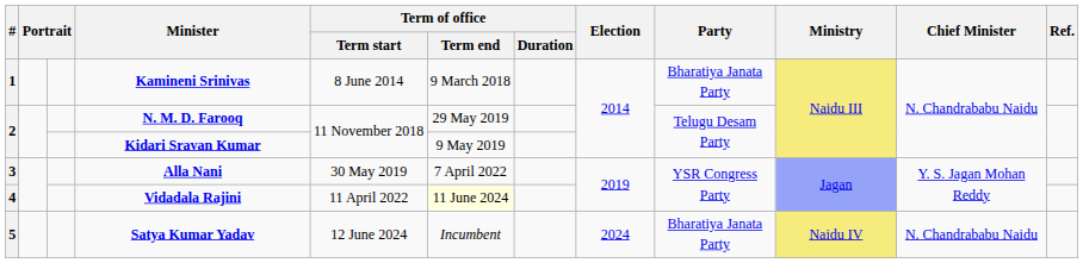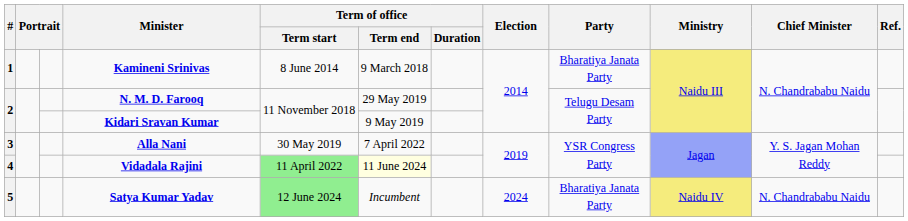 <table class="wikitable" style="line-height:1.4em; text-align:center">
 <tr>
 <th rowspan=2>#</th>
 <th rowspan=2 colspan="2">Portrait</th>
 <th rowspan=2 style="width:16em">Minister<br></th>
 <th colspan="3">Term of office</th>
 <th rowspan=2 style="width:5em">Election<br></th>
 <th rowspan=2 style="width:8em">Party</th>
 <th rowspan=2 style="width:8em">Ministry</th>
 <th rowspan=2 style="width:10em">Chief Minister</th>
 <th rowspan=2>Ref.</th>
 </tr>
 <tr>
 <th>Term start</th>
 <th>Term end</th>
 <th>Duration</th>
 </tr>
 <tr>
 <th>1</th>
 <td></td>
 <td></td>
 <td><strong><a href='#'>Kamineni Srinivas</a></strong><br></td>
 <td>8 June 2014</td>
 <td>9 March 2018</td>
 <td><strong></strong></td>
 <td rowspan=3><a href='#'>2014</a><br></td>
 <td><a href='#'>Bharatiya Janata Party</a></td>
 <td rowspan=3 bgcolor="#F5EC7D"><a href='#'>Naidu III</a></td>
 <td rowspan=3><a href='#'>N. Chandrababu Naidu</a></td>
 <td></td>
 </tr>
 <tr>
 <th rowspan=2>2</th>
 <td rowspan=2></td>
 <td></td>
 <td><strong><a href='#'>N. M. D. Farooq</a></strong><br></td>
 <td rowspan =2>11 November 2018</td>
 <td>29 May 2019</td>
 <td><strong></strong></td>
 <td rowspan=2><a href='#'>Telugu Desam Party</a></td>
 <td rowspan=2></td>
 </tr>
 <tr>
 <td></td>
 <td><strong><a href='#'>Kidari Sravan Kumar</a></strong><br></td>
 <td>9 May 2019</td>
 <td><strong></strong></td>
 </tr>
 <tr>
 <th>3</th>
 <td rowspan=2></td>
 <td></td>
 <td><strong><a href='#'>Alla Nani</a></strong><br></td>
 <td>30 May 2019</td>
 <td>7 April 2022</td>
 <td><strong></strong></td>
 <td rowspan=2><a href='#'>2019</a><br></td>
 <td rowspan="2"><a href='#'>YSR Congress Party</a></td>
 <td rowspan=2 bgcolor="#94A2F7"><a href='#'>Jagan</a></td>
 <td rowspan="2"><a href='#'>Y. S. Jagan Mohan Reddy</a></td>
 <td></td>
 </tr>
 <tr>
 <th>4</th>
 <td></td>
 <td><strong><a href='#'>Vidadala Rajini</a></strong><br></td>
-<td>11 April 2022</td>
+<td style="background: lightgreen;">11 April 2022</td>
 <td style="background: lightyellow;">11 June 2024</td>
 <td><strong></strong></td>
 <td></td>
 </tr>
 <tr>
 <th>5</th>
 <td></td>
 <td></td>
 <td><strong><a href='#'>Satya Kumar Yadav</a></strong><br></td>
-<td>12 June 2024</td>
+<td style="background: lightgreen;">12 June 2024</td>
 <td><em>Incumbent</em></td>
 <td><strong></strong></td>
 <td><a href='#'>2024</a><br></td>
 <td><a href='#'>Bharatiya Janata Party</a></td>
 <td bgcolor="#F5EC7D"><a href='#'>Naidu IV</a></td>
 <td><a href='#'>N. Chandrababu Naidu</a></td>
 <td></td>
 </tr>
 </table>
